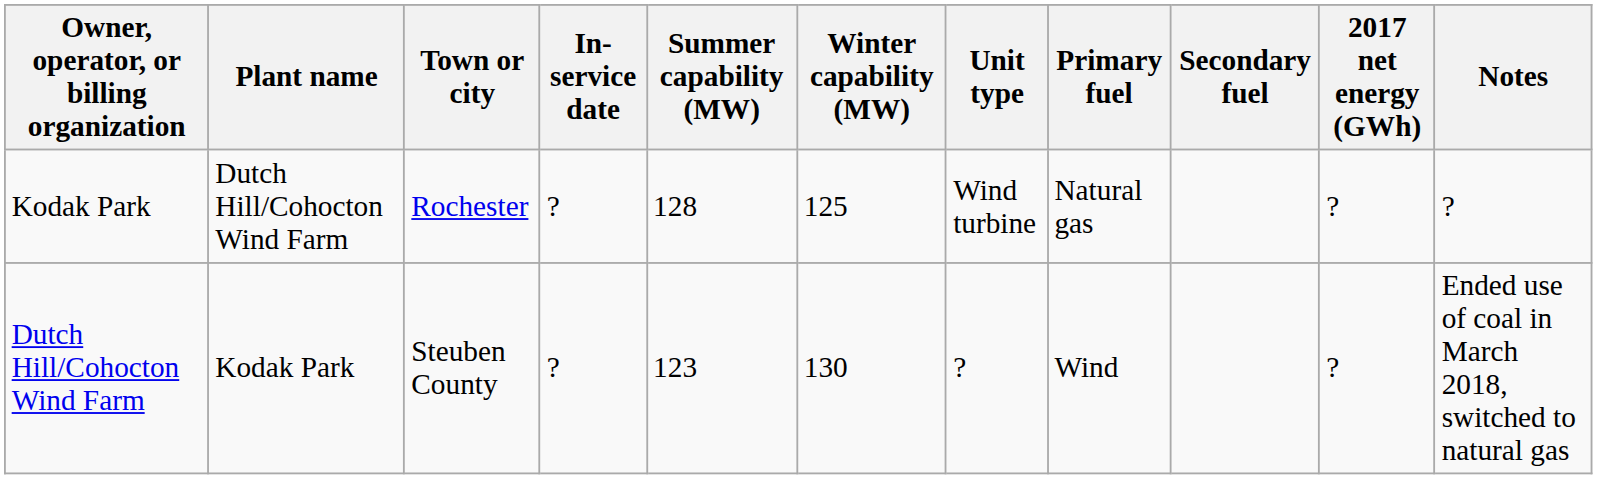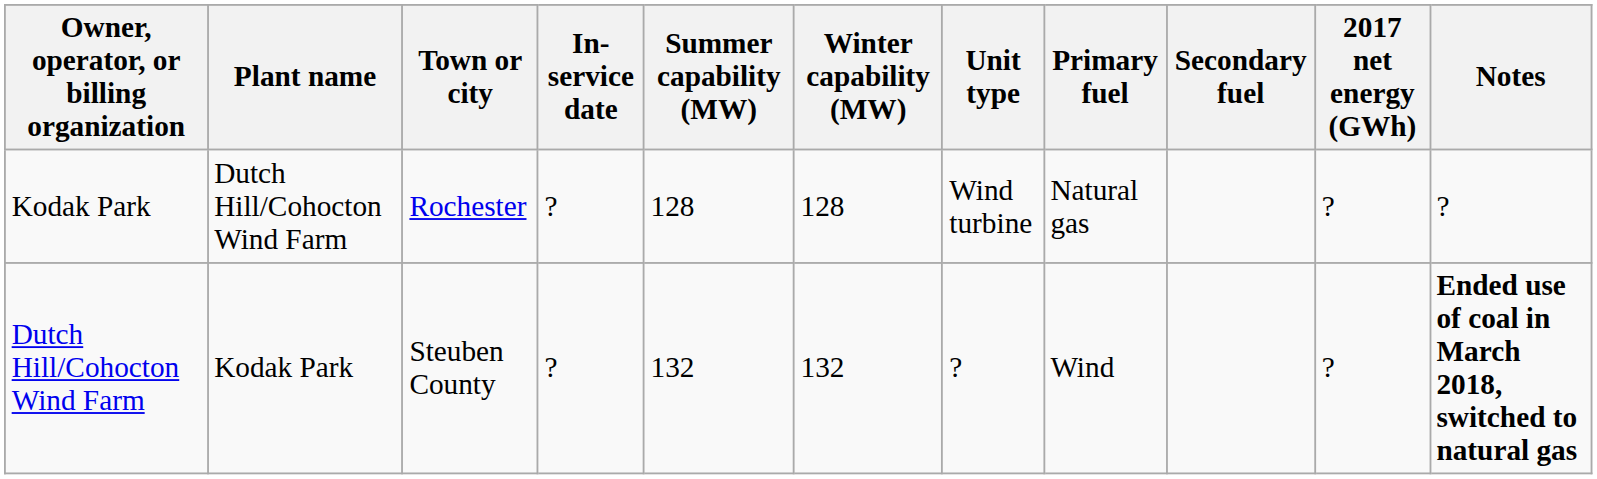 <table class="wikitable sortable">
 <tr>
 <th>Owner, operator, or billing organization</th>
 <th>Plant name</th>
 <th>Town or city</th>
 <th>In-service date</th>
 <th>Summer capability (MW)</th>
 <th>Winter capability (MW)</th>
 <th>Unit type</th>
 <th>Primary fuel</th>
 <th>Secondary fuel</th>
 <th>2017 net energy (GWh)</th>
 <th>Notes</th>
 </tr>
 <tr>
 <td>Kodak Park</td>
 <td>Dutch Hill/Cohocton Wind Farm</td>
 <td><a href='#'>Rochester</a> </td>
 <td>?</td>
 <td>128</td>
-<td>125</td>
+<td>128</td>
 <td>Wind turbine</td>
 <td>Natural gas</td>
 <td></td>
 <td>?</td>
 <td>?</td>
 </tr>
 <tr>
 <td><a href='#'>Dutch Hill/Cohocton Wind Farm</a></td>
 <td>Kodak Park</td>
 <td>Steuben County</td>
 <td>?</td>
-<td>123</td>
-<td>130</td>
+<td>132</td>
+<td>132</td>
 <td>?</td>
 <td>Wind</td>
 <td></td>
 <td>?</td>
-<td>Ended use of coal in March 2018, switched to natural gas</td>
+<td><strong>Ended use of coal in March 2018, switched to natural gas</strong></td>
 </tr>
 </table>
